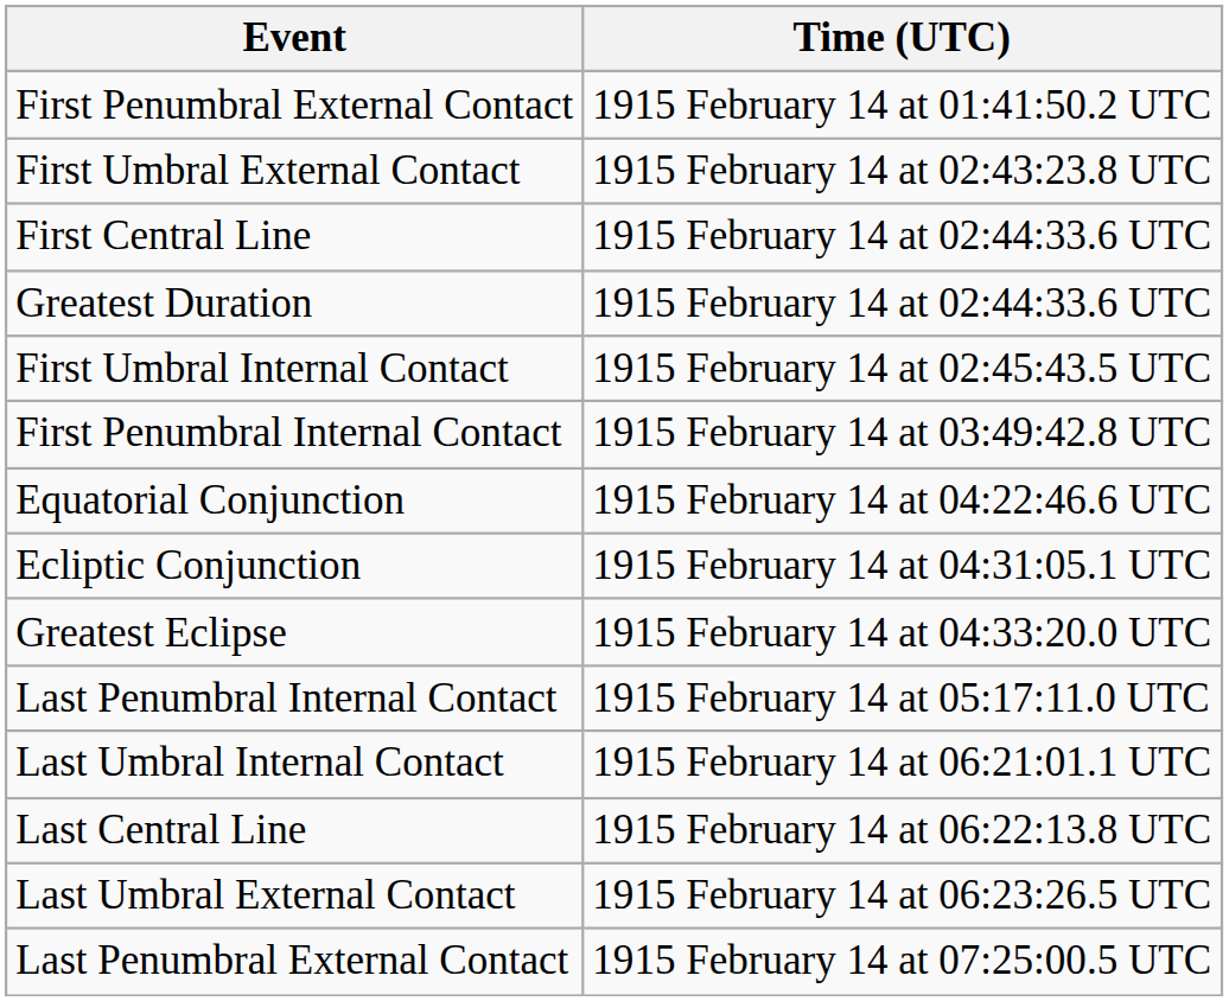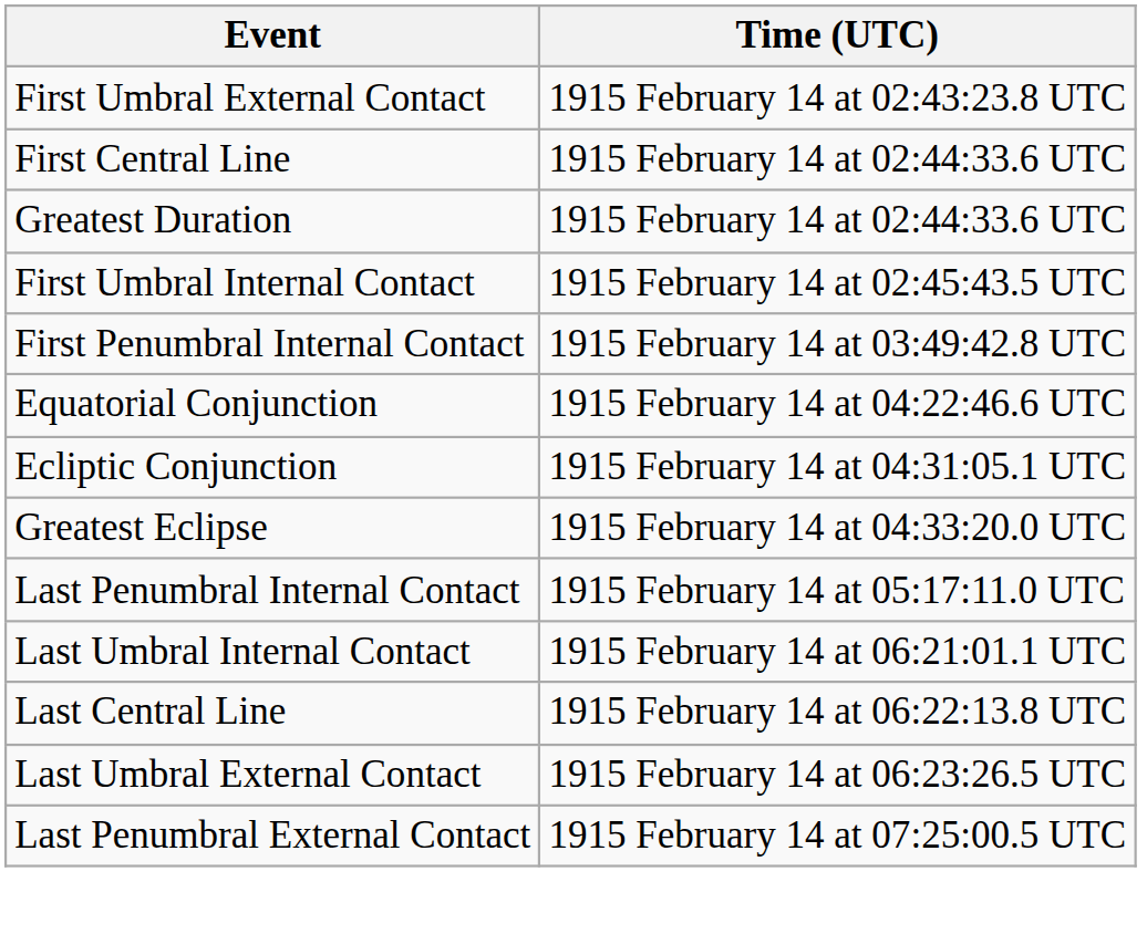 <table class="wikitable">
 <tr>
 <th>Event</th>
 <th>Time (UTC)</th>
-</tr>
-<tr>
-<td>First Penumbral External Contact</td>
-<td>1915 February 14 at 01:41:50.2 UTC</td>
 </tr>
 <tr>
 <td>First Umbral External Contact</td>
 <td>1915 February 14 at 02:43:23.8 UTC</td>
 </tr>
 <tr>
 <td>First Central Line</td>
 <td>1915 February 14 at 02:44:33.6 UTC</td>
 </tr>
 <tr>
 <td>Greatest Duration</td>
 <td>1915 February 14 at 02:44:33.6 UTC</td>
 </tr>
 <tr>
 <td>First Umbral Internal Contact</td>
 <td>1915 February 14 at 02:45:43.5 UTC</td>
 </tr>
 <tr>
 <td>First Penumbral Internal Contact</td>
 <td>1915 February 14 at 03:49:42.8 UTC</td>
 </tr>
 <tr>
 <td>Equatorial Conjunction</td>
 <td>1915 February 14 at 04:22:46.6 UTC</td>
 </tr>
 <tr>
 <td>Ecliptic Conjunction</td>
 <td>1915 February 14 at 04:31:05.1 UTC</td>
 </tr>
 <tr>
 <td>Greatest Eclipse</td>
 <td>1915 February 14 at 04:33:20.0 UTC</td>
 </tr>
 <tr>
 <td>Last Penumbral Internal Contact</td>
 <td>1915 February 14 at 05:17:11.0 UTC</td>
 </tr>
 <tr>
 <td>Last Umbral Internal Contact</td>
 <td>1915 February 14 at 06:21:01.1 UTC</td>
 </tr>
 <tr>
 <td>Last Central Line</td>
 <td>1915 February 14 at 06:22:13.8 UTC</td>
 </tr>
 <tr>
 <td>Last Umbral External Contact</td>
 <td>1915 February 14 at 06:23:26.5 UTC</td>
 </tr>
 <tr>
 <td>Last Penumbral External Contact</td>
 <td>1915 February 14 at 07:25:00.5 UTC</td>
 </tr>
 </table>
